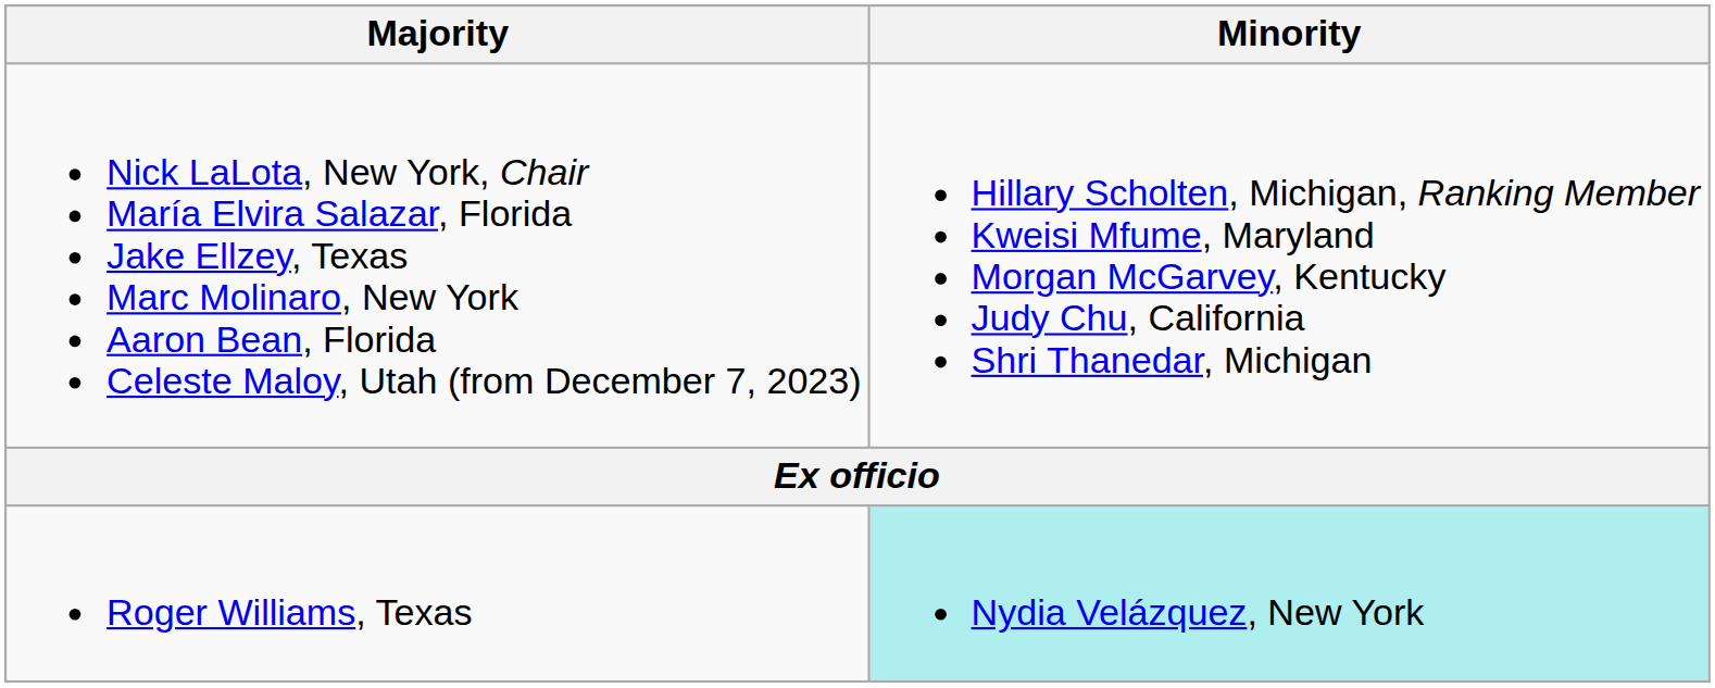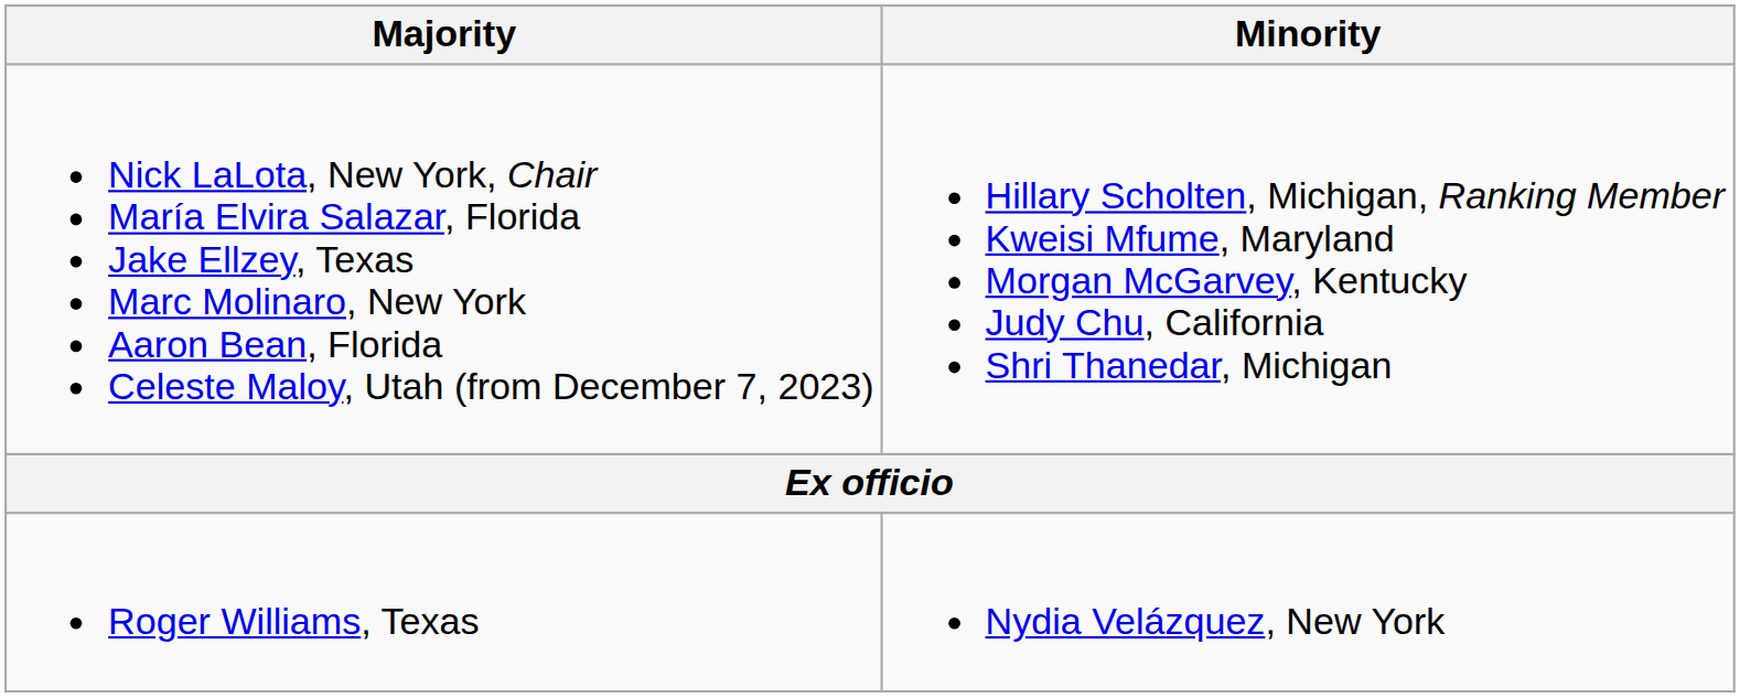 <table class=wikitable>
 <tr>
 <th>Majority</th>
 <th>Minority</th>
 </tr>
 <tr>
 <td><br><ul><li><a href='#'>Nick LaLota</a>, New York, <em>Chair</em></li><li><a href='#'>María Elvira Salazar</a>, Florida</li><li><a href='#'>Jake Ellzey</a>, Texas</li><li><a href='#'>Marc Molinaro</a>, New York</li><li><a href='#'>Aaron Bean</a>, Florida</li><li><a href='#'>Celeste Maloy</a>, Utah (from December 7, 2023)</li></ul></td>
 <td><br><ul><li><a href='#'>Hillary Scholten</a>, Michigan, <em>Ranking Member</em></li><li><a href='#'>Kweisi Mfume</a>, Maryland</li><li><a href='#'>Morgan McGarvey</a>, Kentucky</li><li><a href='#'>Judy Chu</a>, California</li><li><a href='#'>Shri Thanedar</a>, Michigan</li></ul></td>
 </tr>
 <tr>
 <th colspan=2><em>Ex officio</em></th>
 </tr>
 <tr>
 <td><br><ul><li><a href='#'>Roger Williams</a>, Texas</li></ul></td>
-<td style="background: paleturquoise;"><br><ul><li><a href='#'>Nydia Velázquez</a>, New York</li></ul></td>
+<td><br><ul><li><a href='#'>Nydia Velázquez</a>, New York</li></ul></td>
 </tr>
 </table>
